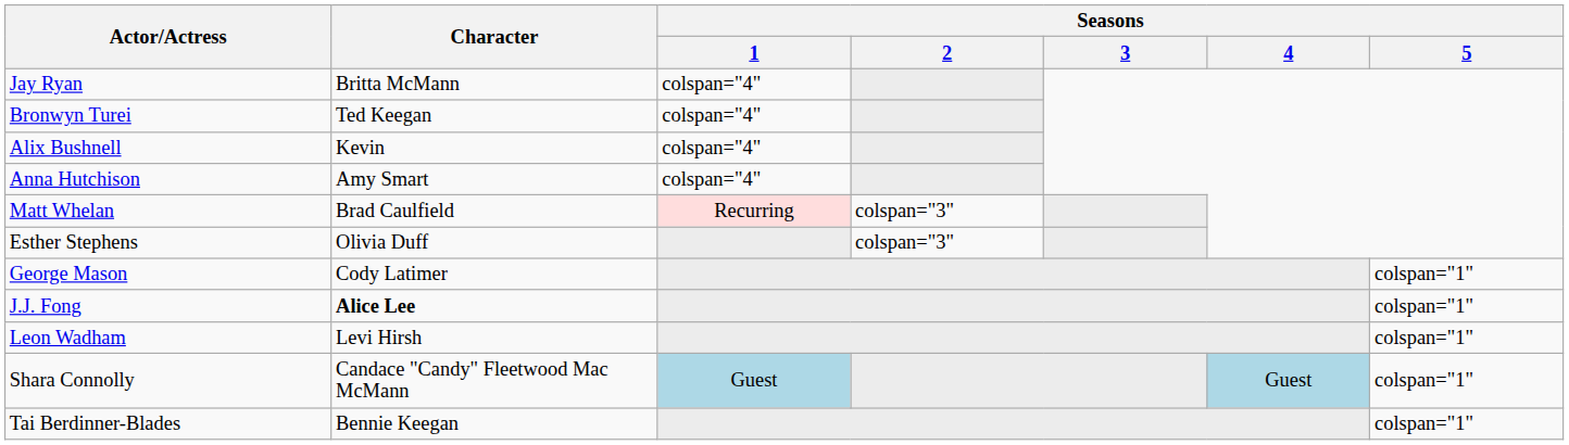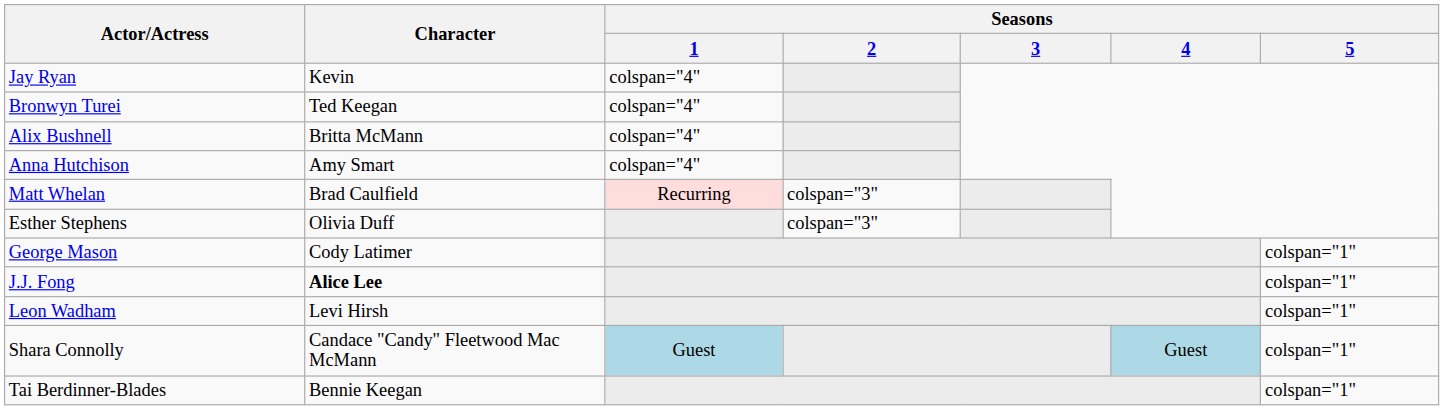 <table class="wikitable">
 <tr>
 <th style="width:10%;" rowspan="2">Actor/Actress</th>
 <th style="width:10%;" rowspan="2">Character</th>
 <th colspan="5">Seasons</th>
 </tr>
 <tr>
 <th style="width:5%;"><a href='#'>1</a></th>
 <th style="width:5%;"><a href='#'>2</a></th>
 <th style="width:5%;"><a href='#'>3</a></th>
 <th style="width:5%;"><a href='#'>4</a></th>
 <th style="width:5%;"><a href='#'>5</a></th>
 </tr>
 <tr>
 <td><a href='#'>Jay Ryan</a></td>
-<td>Britta McMann</td>
+<td>Kevin</td>
 <td>colspan="4" </td>
 <td colspan="1" style="background: #ececec; color: grey; vertical-align: middle; text-align: center; " class="table-na"></td>
 </tr>
 <tr>
 <td><a href='#'>Bronwyn Turei</a></td>
 <td>Ted Keegan</td>
 <td>colspan="4" </td>
 <td colspan="1" style="background: #ececec; color: grey; vertical-align: middle; text-align: center; " class="table-na"></td>
 </tr>
 <tr>
 <td><a href='#'>Alix Bushnell</a></td>
-<td>Kevin</td>
+<td>Britta McMann</td>
 <td>colspan="4" </td>
 <td colspan="1" style="background: #ececec; color: grey; vertical-align: middle; text-align: center; " class="table-na"></td>
 </tr>
 <tr>
 <td><a href='#'>Anna Hutchison</a></td>
 <td>Amy Smart</td>
 <td>colspan="4" </td>
 <td colspan="1" style="background: #ececec; color: grey; vertical-align: middle; text-align: center; " class="table-na"></td>
 </tr>
 <tr>
 <td><a href='#'>Matt Whelan</a></td>
 <td>Brad Caulfield</td>
 <td style="background: #ffdddd" colspan="1" align="center">Recurring</td>
 <td>colspan="3" </td>
 <td colspan="1" style="background: #ececec; color: grey; vertical-align: middle; text-align: center; " class="table-na"></td>
 </tr>
 <tr>
 <td>Esther Stephens</td>
 <td>Olivia Duff</td>
 <td colspan="1" style="background: #ececec; color: grey; vertical-align: middle; text-align: center; " class="table-na"></td>
 <td>colspan="3" </td>
 <td colspan="1" style="background: #ececec; color: grey; vertical-align: middle; text-align: center; " class="table-na"></td>
 </tr>
 <tr>
 <td><a href='#'>George Mason</a></td>
 <td>Cody Latimer</td>
 <td colspan="4" style="background: #ececec; color: grey; vertical-align: middle; text-align: center; " class="table-na"></td>
 <td>colspan="1" </td>
 </tr>
 <tr>
 <td><a href='#'>J.J. Fong</a></td>
 <td><strong>Alice Lee</strong></td>
 <td colspan="4" style="background: #ececec; color: grey; vertical-align: middle; text-align: center; " class="table-na"></td>
 <td>colspan="1" </td>
 </tr>
 <tr>
 <td><a href='#'>Leon Wadham</a></td>
 <td>Levi Hirsh</td>
 <td colspan="4" style="background: #ececec; color: grey; vertical-align: middle; text-align: center; " class="table-na"></td>
 <td>colspan="1" </td>
 </tr>
 <tr>
 <td>Shara Connolly</td>
 <td>Candace "Candy" Fleetwood Mac McMann</td>
 <td style="background: #ADD8E6" colspan="1" align="center">Guest</td>
 <td colspan="2" style="background: #ececec; color: grey; vertical-align: middle; text-align: center; " class="table-na"></td>
 <td style="background: #ADD8E6" colspan="1" align="center">Guest</td>
 <td>colspan="1" </td>
 </tr>
 <tr>
 <td>Tai Berdinner-Blades</td>
 <td>Bennie Keegan</td>
 <td colspan="4" style="background: #ececec; color: grey; vertical-align: middle; text-align: center; " class="table-na"></td>
 <td>colspan="1" </td>
 </tr>
 </table>
